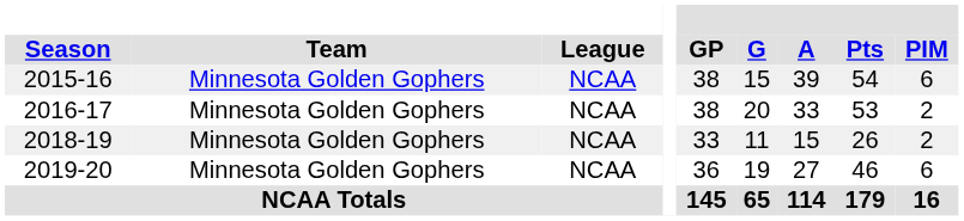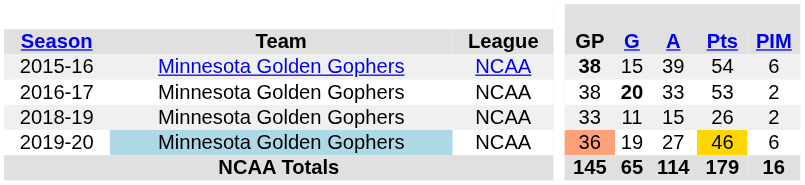 <table BORDER="0" CELLPADDING="1" CELLSPACING="0" width="50%" style="text-align:center">
 <tr bgcolor="#e0e0e0">
 <th colspan="3" bgcolor="#ffffff"> </th>
 <th rowspan="101" bgcolor="#ffffff"> </th>
 <th colspan="5"></th>
 </tr>
 <tr bgcolor="#e0e0e0">
 <th><a href='#'>Season</a></th>
 <th>Team</th>
 <th>League</th>
 <th>GP</th>
 <th><a href='#'>G</a></th>
 <th><a href='#'>A</a></th>
 <th><a href='#'>Pts</a></th>
 <th><a href='#'>PIM</a></th>
 </tr>
 <tr bgcolor="#f0f0f0">
 <td>2015-16</td>
 <td><a href='#'>Minnesota Golden Gophers</a></td>
 <td><a href='#'>NCAA</a></td>
-<td>38</td>
+<td><strong>38</strong></td>
 <td>15</td>
 <td>39</td>
 <td>54</td>
 <td>6</td>
 </tr>
 <tr>
 <td>2016-17</td>
 <td>Minnesota Golden Gophers</td>
 <td>NCAA</td>
 <td>38</td>
-<td>20</td>
+<td><strong>20</strong></td>
 <td>33</td>
 <td>53</td>
 <td>2</td>
 </tr>
 <tr bgcolor="#f0f0f0">
 <td>2018-19</td>
 <td>Minnesota Golden Gophers</td>
 <td>NCAA</td>
 <td>33</td>
 <td>11</td>
 <td>15</td>
 <td>26</td>
 <td>2</td>
 </tr>
 <tr>
 <td>2019-20</td>
-<td>Minnesota Golden Gophers</td>
+<td style="background: lightblue;">Minnesota Golden Gophers</td>
 <td>NCAA</td>
-<td>36</td>
+<td style="background: lightsalmon;">36</td>
 <td>19</td>
 <td>27</td>
-<td>46</td>
+<td style="background: gold;">46</td>
 <td>6</td>
 </tr>
 <tr align="center" bgcolor="#e0e0e0">
 <th colspan="3">NCAA Totals</th>
 <th>145</th>
 <th>65</th>
 <th>114</th>
 <th>179</th>
 <th>16</th>
 </tr>
 </table>
